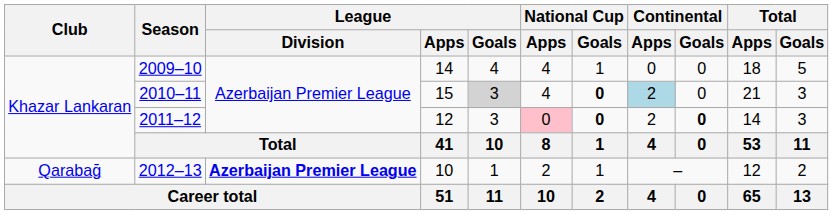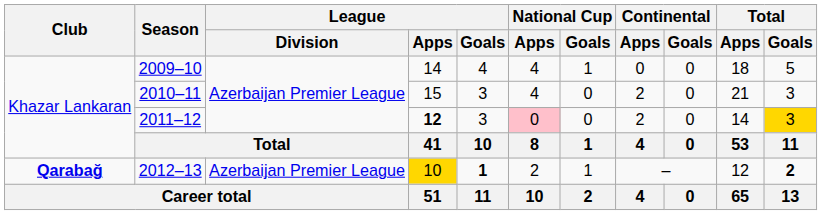 <table class="wikitable" style="text-align: center;">
 <tr>
 <th rowspan="2">Club</th>
 <th rowspan="2">Season</th>
 <th colspan="3">League</th>
 <th colspan="2">National Cup</th>
 <th colspan="2">Continental</th>
 <th colspan="2">Total</th>
 </tr>
 <tr>
 <th>Division</th>
 <th>Apps</th>
 <th>Goals</th>
 <th>Apps</th>
 <th>Goals</th>
 <th>Apps</th>
 <th>Goals</th>
 <th>Apps</th>
 <th>Goals</th>
 </tr>
 <tr>
 <td rowspan="4" valign="center"><a href='#'>Khazar Lankaran</a></td>
 <td><a href='#'>2009–10</a></td>
 <td rowspan="3" valign="center"><a href='#'>Azerbaijan Premier League</a></td>
 <td>14</td>
 <td>4</td>
 <td>4</td>
 <td>1</td>
 <td>0</td>
 <td>0</td>
 <td>18</td>
 <td>5</td>
 </tr>
 <tr>
 <td><a href='#'>2010–11</a></td>
 <td>15</td>
-<td style="background: lightgrey;">3</td>
+<td>3</td>
 <td>4</td>
-<td><strong>0</strong></td>
-<td style="background: lightblue;">2</td>
+<td>0</td>
+<td>2</td>
 <td>0</td>
 <td>21</td>
 <td>3</td>
 </tr>
 <tr>
 <td><a href='#'>2011–12</a></td>
-<td>12</td>
+<td><strong>12</strong></td>
 <td>3</td>
 <td style="background: pink;">0</td>
-<td><strong>0</strong></td>
+<td>0</td>
 <td>2</td>
-<td><strong>0</strong></td>
+<td>0</td>
 <td>14</td>
-<td>3</td>
+<td style="background: gold;">3</td>
 </tr>
 <tr>
 <th colspan="2">Total</th>
 <th>41</th>
 <th>10</th>
 <th>8</th>
 <th>1</th>
 <th>4</th>
 <th>0</th>
 <th>53</th>
 <th>11</th>
 </tr>
 <tr>
-<td valign="center"><a href='#'>Qarabağ</a></td>
+<td valign="center"><strong><a href='#'>Qarabağ</a></strong></td>
 <td><a href='#'>2012–13</a></td>
-<td><strong><a href='#'>Azerbaijan Premier League</a></strong></td>
-<td>10</td>
-<td>1</td>
+<td><a href='#'>Azerbaijan Premier League</a></td>
+<td style="background: gold;">10</td>
+<td><strong>1</strong></td>
 <td>2</td>
 <td>1</td>
 <td colspan="2">–</td>
 <td>12</td>
-<td>2</td>
+<td><strong>2</strong></td>
 </tr>
 <tr>
 <th colspan="3">Career total</th>
 <th>51</th>
 <th>11</th>
 <th>10</th>
 <th>2</th>
 <th>4</th>
 <th>0</th>
 <th>65</th>
 <th>13</th>
 </tr>
 </table>
